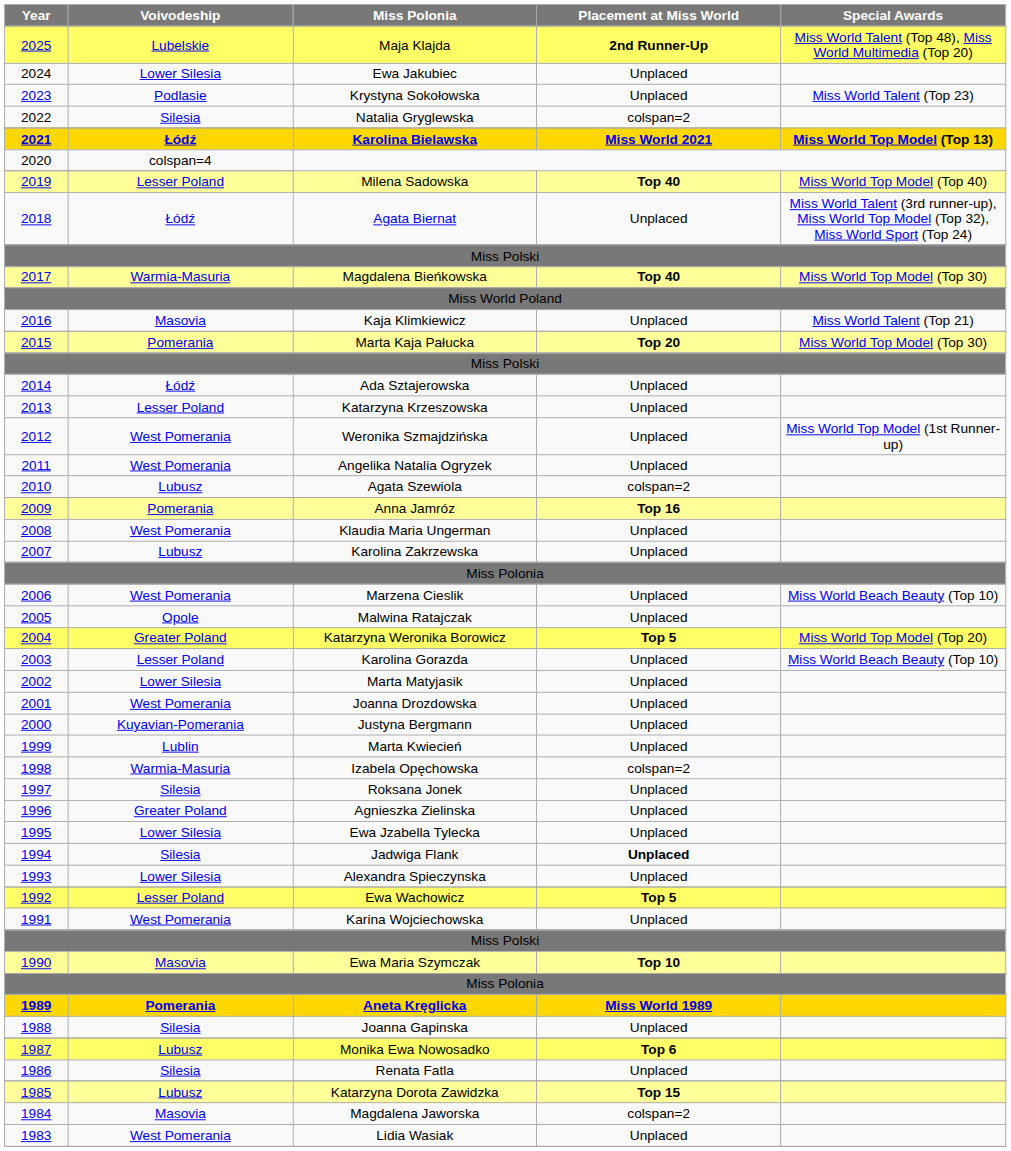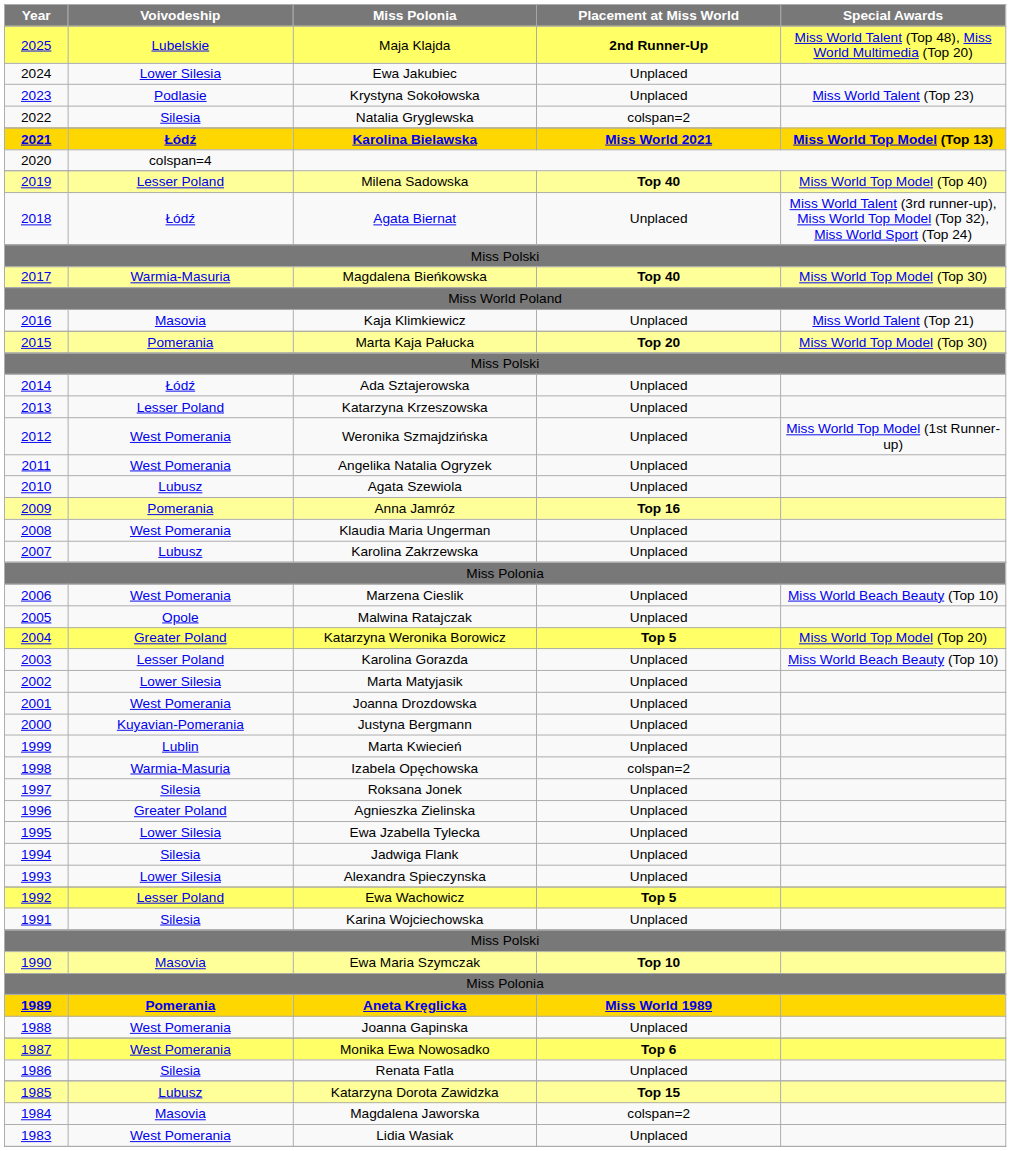 <table class="wikitable" style="font-size: 90%; text-align:center">
 <tr>
 <th width="60" style="background-color:#787878;color:#FFFFFF;">Year</th>
 <th width="230" style="background-color:#787878;color:#FFFFFF;">Voivodeship</th>
 <th width="250" style="background-color:#787878;color:#FFFFFF;">Miss Polonia</th>
 <th width="250" style="background-color:#787878;color:#FFFFFF;">Placement at Miss World</th>
 <th width="230" style="background-color:#787878;color:#FFFFFF;">Special Awards</th>
 </tr>
 <tr style="background-color:#FFFF66;">
 <td><a href='#'>2025</a></td>
 <td><a href='#'>Lubelskie</a></td>
 <td>Maja Klajda</td>
 <td><strong>2nd Runner-Up</strong></td>
 <td><a href='#'>Miss World Talent</a> (Top 48), <a href='#'>Miss World Multimedia</a> (Top 20)</td>
 </tr>
 <tr>
 <td>2024</td>
 <td><a href='#'>Lower Silesia</a></td>
 <td>Ewa Jakubiec</td>
 <td>Unplaced</td>
 </tr>
 <tr>
 <td><a href='#'>2023</a></td>
 <td><a href='#'>Podlasie</a></td>
 <td>Krystyna Sokołowska</td>
 <td>Unplaced</td>
 <td><a href='#'>Miss World Talent</a> (Top 23)</td>
 </tr>
 <tr>
 <td>2022</td>
 <td><a href='#'>Silesia</a></td>
 <td>Natalia Gryglewska</td>
 <td>colspan=2 </td>
 </tr>
 <tr>
 </tr>
 <tr style="background-color:gold; font-weight: bold">
 <td><a href='#'>2021</a></td>
 <td><a href='#'>Łódź</a></td>
 <td><strong><a href='#'>Karolina Bielawska</a></strong></td>
 <td><a href='#'>Miss World 2021</a></td>
 <td><a href='#'>Miss World Top Model</a> (Top 13)</td>
 </tr>
 <tr>
 <td>2020</td>
 <td>colspan=4 </td>
 </tr>
 <tr>
 </tr>
 <tr style="background-color:#FFFF99;">
 <td><a href='#'>2019</a></td>
 <td><a href='#'>Lesser Poland</a></td>
 <td>Milena Sadowska</td>
 <td><strong>Top 40</strong></td>
 <td><a href='#'>Miss World Top Model</a> (Top 40)</td>
 </tr>
 <tr>
 <td><a href='#'>2018</a></td>
 <td><a href='#'>Łódź</a></td>
 <td><a href='#'>Agata Biernat</a></td>
 <td>Unplaced</td>
 <td><a href='#'>Miss World Talent</a> (3rd runner-up), <a href='#'>Miss World Top Model</a> (Top 32), <a href='#'>Miss World Sport</a> (Top 24)</td>
 </tr>
 <tr>
 </tr>
 <tr bgcolor="#787878" align="center">
 <td colspan="5"><span>Miss Polski</span></td>
 </tr>
 <tr>
 </tr>
 <tr style="background-color:#FFFF99;">
 <td><a href='#'>2017</a></td>
 <td><a href='#'>Warmia-Masuria</a></td>
 <td>Magdalena Bieńkowska</td>
 <td><strong>Top 40</strong></td>
 <td><a href='#'>Miss World Top Model</a> (Top 30)</td>
 </tr>
 <tr>
 </tr>
 <tr bgcolor="#787878" align="center">
 <td colspan="5"><span>Miss World Poland</span></td>
 </tr>
 <tr>
 <td><a href='#'>2016</a></td>
 <td><a href='#'>Masovia</a></td>
 <td>Kaja Klimkiewicz</td>
 <td>Unplaced</td>
 <td><a href='#'>Miss World Talent</a> (Top 21)</td>
 </tr>
 <tr>
 </tr>
 <tr style="background-color:#FFFF99;">
 <td><a href='#'>2015</a></td>
 <td><a href='#'>Pomerania</a></td>
 <td>Marta Kaja Pałucka</td>
 <td><strong>Top 20</strong></td>
 <td><a href='#'>Miss World Top Model</a> (Top 30)</td>
 </tr>
 <tr>
 </tr>
 <tr bgcolor="#787878" align="center">
 <td colspan="5"><span>Miss Polski</span></td>
 </tr>
 <tr>
 <td><a href='#'>2014</a></td>
 <td><a href='#'>Łódź</a></td>
 <td>Ada Sztajerowska</td>
 <td>Unplaced</td>
 <td></td>
 </tr>
 <tr>
 <td><a href='#'>2013</a></td>
 <td><a href='#'>Lesser Poland</a></td>
 <td>Katarzyna Krzeszowska</td>
 <td>Unplaced</td>
 <td></td>
 </tr>
 <tr>
 <td><a href='#'>2012</a></td>
 <td><a href='#'>West Pomerania</a></td>
 <td>Weronika Szmajdzińska</td>
 <td>Unplaced</td>
 <td><a href='#'>Miss World Top Model</a> (1st Runner-up)</td>
 </tr>
 <tr>
 <td><a href='#'>2011</a></td>
 <td><a href='#'>West Pomerania</a></td>
 <td>Angelika Natalia Ogryzek</td>
 <td>Unplaced</td>
 <td></td>
 </tr>
 <tr>
 <td><a href='#'>2010</a></td>
 <td><a href='#'>Lubusz</a></td>
 <td>Agata Szewiola</td>
-<td>colspan=2 </td>
+<td>Unplaced</td>
 <td></td>
 </tr>
 <tr>
 </tr>
 <tr style="background-color:#FFFF99;">
 <td><a href='#'>2009</a></td>
 <td><a href='#'>Pomerania</a></td>
 <td>Anna Jamróz</td>
 <td><strong>Top 16</strong></td>
 <td></td>
 </tr>
 <tr>
 <td><a href='#'>2008</a></td>
 <td><a href='#'>West Pomerania</a></td>
 <td>Klaudia Maria Ungerman</td>
 <td>Unplaced</td>
 <td></td>
 </tr>
 <tr>
 <td><a href='#'>2007</a></td>
 <td><a href='#'>Lubusz</a></td>
 <td>Karolina Zakrzewska</td>
 <td>Unplaced</td>
 <td></td>
 </tr>
 <tr>
 </tr>
 <tr bgcolor="#787878" align="center">
 <td colspan="5"><span>Miss Polonia</span></td>
 </tr>
 <tr>
 <td><a href='#'>2006</a></td>
 <td><a href='#'>West Pomerania</a></td>
 <td>Marzena Cieslik</td>
 <td>Unplaced</td>
 <td><a href='#'>Miss World Beach Beauty</a> (Top 10)</td>
 </tr>
 <tr>
 <td><a href='#'>2005</a></td>
 <td><a href='#'>Opole</a></td>
 <td>Malwina Ratajczak</td>
 <td>Unplaced</td>
 <td></td>
 </tr>
 <tr style="background-color:#FFFF66;">
 <td><a href='#'>2004</a></td>
 <td><a href='#'>Greater Poland</a></td>
 <td>Katarzyna Weronika Borowicz</td>
 <td><strong>Top 5</strong></td>
 <td><a href='#'>Miss World Top Model</a> (Top 20)</td>
 </tr>
 <tr>
 <td><a href='#'>2003</a></td>
 <td><a href='#'>Lesser Poland</a></td>
 <td>Karolina Gorazda</td>
 <td>Unplaced</td>
 <td><a href='#'>Miss World Beach Beauty</a> (Top 10)</td>
 </tr>
 <tr>
 <td><a href='#'>2002</a></td>
 <td><a href='#'>Lower Silesia</a></td>
 <td>Marta Matyjasik</td>
 <td>Unplaced</td>
 <td></td>
 </tr>
 <tr>
 <td><a href='#'>2001</a></td>
 <td><a href='#'>West Pomerania</a></td>
 <td>Joanna Drozdowska</td>
 <td>Unplaced</td>
 <td></td>
 </tr>
 <tr>
 <td><a href='#'>2000</a></td>
 <td><a href='#'>Kuyavian-Pomerania</a></td>
 <td>Justyna Bergmann</td>
 <td>Unplaced</td>
 <td></td>
 </tr>
 <tr>
 <td><a href='#'>1999</a></td>
 <td><a href='#'>Lublin</a></td>
 <td>Marta Kwiecień</td>
 <td>Unplaced</td>
 <td></td>
 </tr>
 <tr>
 <td><a href='#'>1998</a></td>
 <td><a href='#'>Warmia-Masuria</a></td>
 <td>Izabela Opęchowska</td>
 <td>colspan=2 </td>
 <td></td>
 </tr>
 <tr>
 <td><a href='#'>1997</a></td>
 <td><a href='#'>Silesia</a></td>
 <td>Roksana Jonek</td>
 <td>Unplaced</td>
 <td></td>
 </tr>
 <tr>
 <td><a href='#'>1996</a></td>
 <td><a href='#'>Greater Poland</a></td>
 <td>Agnieszka Zielinska</td>
 <td>Unplaced</td>
 <td></td>
 </tr>
 <tr>
 <td><a href='#'>1995</a></td>
 <td><a href='#'>Lower Silesia</a></td>
 <td>Ewa Jzabella Tylecka</td>
 <td>Unplaced</td>
 <td></td>
 </tr>
 <tr>
 <td><a href='#'>1994</a></td>
 <td><a href='#'>Silesia</a></td>
 <td>Jadwiga Flank</td>
-<td><strong>Unplaced</strong></td>
+<td>Unplaced</td>
 <td></td>
 </tr>
 <tr>
 <td><a href='#'>1993</a></td>
 <td><a href='#'>Lower Silesia</a></td>
 <td>Alexandra Spieczynska</td>
 <td>Unplaced</td>
 <td></td>
 </tr>
 <tr>
 </tr>
 <tr style="background-color:#FFFF66;">
 <td><a href='#'>1992</a></td>
 <td><a href='#'>Lesser Poland</a></td>
 <td>Ewa Wachowicz</td>
 <td><strong>Top 5</strong></td>
 <td></td>
 </tr>
 <tr>
 <td><a href='#'>1991</a></td>
-<td><a href='#'>West Pomerania</a></td>
+<td><a href='#'>Silesia</a></td>
 <td>Karina Wojciechowska</td>
 <td>Unplaced</td>
 <td></td>
 </tr>
 <tr>
 </tr>
 <tr bgcolor="#787878" align="center">
 <td colspan="5"><span>Miss Polski</span></td>
 </tr>
 <tr style="background-color:#FFFF99;">
 <td><a href='#'>1990</a></td>
 <td><a href='#'>Masovia</a></td>
 <td>Ewa Maria Szymczak</td>
 <td><strong>Top 10</strong></td>
 <td></td>
 </tr>
 <tr>
 </tr>
 <tr bgcolor="#787878" align="center">
 <td colspan="5"><span>Miss Polonia</span></td>
 </tr>
 <tr>
 </tr>
 <tr style="background-color:gold; font-weight: bold">
 <td><a href='#'>1989</a></td>
 <td><a href='#'>Pomerania</a></td>
 <td><a href='#'>Aneta Kręglicka</a></td>
 <td><a href='#'>Miss World 1989</a></td>
 <td></td>
 </tr>
 <tr>
 <td><a href='#'>1988</a></td>
-<td><a href='#'>Silesia</a></td>
+<td><a href='#'>West Pomerania</a></td>
 <td>Joanna Gapinska</td>
 <td>Unplaced</td>
 <td></td>
 </tr>
 <tr>
 </tr>
 <tr style="background-color:#FFFF66;">
 <td><a href='#'>1987</a></td>
-<td><a href='#'>Lubusz</a></td>
+<td><a href='#'>West Pomerania</a></td>
 <td>Monika Ewa Nowosadko</td>
 <td><strong>Top 6</strong></td>
 <td></td>
 </tr>
 <tr>
 <td><a href='#'>1986</a></td>
 <td><a href='#'>Silesia</a></td>
 <td>Renata Fatla</td>
 <td>Unplaced</td>
 <td></td>
 </tr>
 <tr>
 </tr>
 <tr style="background-color:#FFFF99;">
 <td><a href='#'>1985</a></td>
 <td><a href='#'>Lubusz</a></td>
 <td>Katarzyna Dorota Zawidzka</td>
 <td><strong>Top 15</strong></td>
 <td></td>
 </tr>
 <tr>
 <td><a href='#'>1984</a></td>
 <td><a href='#'>Masovia</a></td>
 <td>Magdalena Jaworska</td>
 <td>colspan=2 </td>
 <td></td>
 </tr>
 <tr>
 <td><a href='#'>1983</a></td>
 <td><a href='#'>West Pomerania</a></td>
 <td>Lidia Wasiak</td>
 <td>Unplaced</td>
 <td></td>
 </tr>
 <tr>
 </tr>
 </table>
